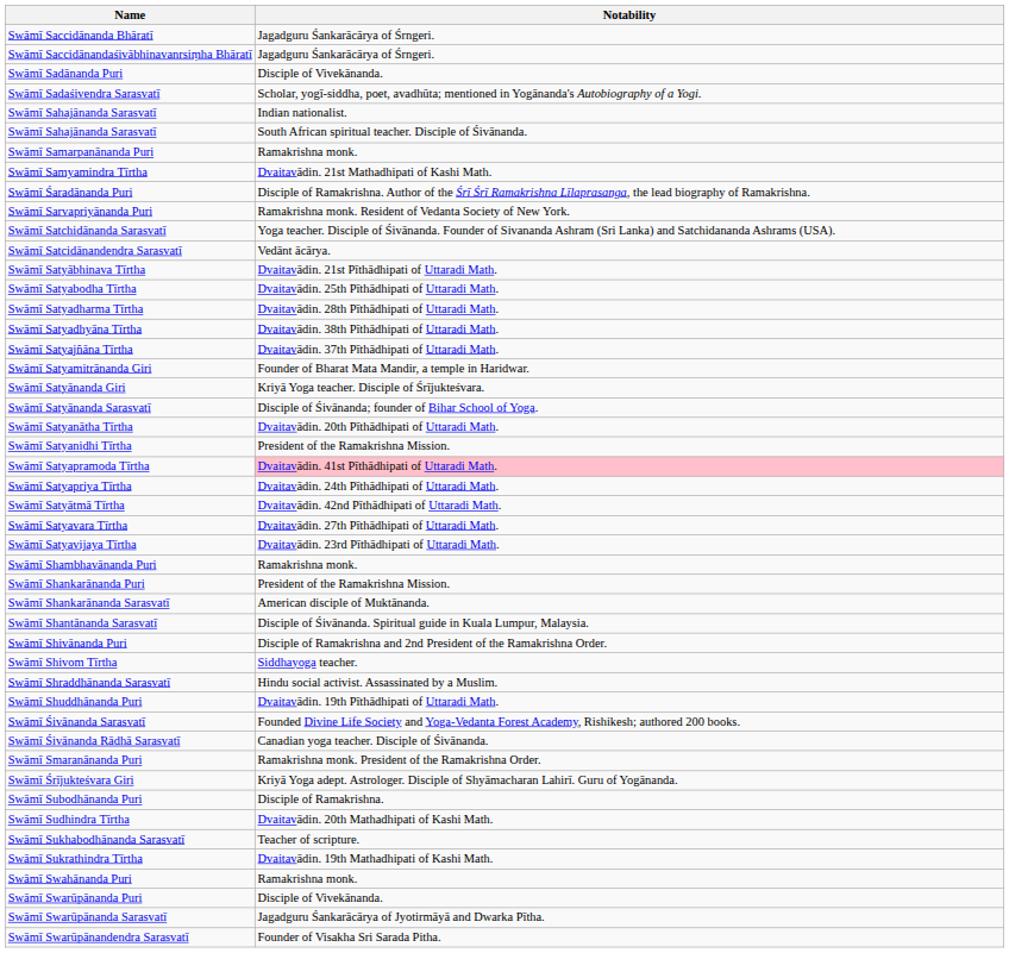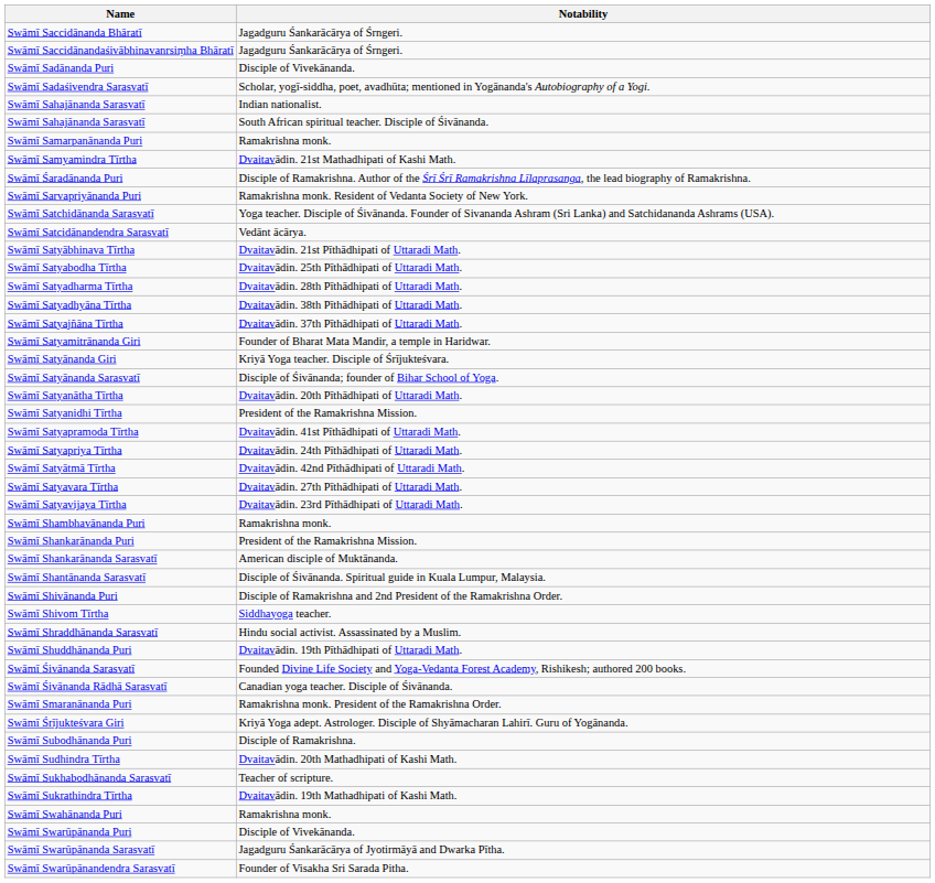 <table class="wikitable">
 <tr>
 <th width=25%>Name</th>
 <th>Notability</th>
 </tr>
 <tr>
 <td><a href='#'>Swāmī Saccidānanda Bhāratī</a></td>
 <td>Jagadguru Śankarācārya of Śrngeri.</td>
 </tr>
 <tr>
 <td><a href='#'>Swāmī Saccidānandaśivābhinavanrsiṃha Bhāratī</a></td>
 <td>Jagadguru Śankarācārya of Śrngeri.</td>
 </tr>
 <tr>
 <td><a href='#'>Swāmī Sadānanda Puri</a></td>
 <td>Disciple of Vivekānanda.</td>
 </tr>
 <tr>
 <td><a href='#'>Swāmī Sadaśivendra Sarasvatī</a></td>
 <td>Scholar, yogī-siddha, poet, avadhūta; mentioned in Yogānanda's <em>Autobiography of a Yogi</em>.</td>
 </tr>
 <tr>
 <td><a href='#'>Swāmī Sahajānanda Sarasvatī</a></td>
 <td>Indian nationalist.</td>
 </tr>
 <tr>
 <td><a href='#'>Swāmī Sahajānanda Sarasvatī</a></td>
 <td>South African spiritual teacher. Disciple of Śivānanda.</td>
 </tr>
 <tr>
 <td><a href='#'>Swāmī Samarpanānanda Puri</a></td>
 <td>Ramakrishna monk.</td>
 </tr>
 <tr>
 <td><a href='#'>Swāmī Samyamindra Tīrtha</a></td>
 <td><a href='#'>Dvaitav</a>ādin. 21st Mathadhipati of Kashi Math.</td>
 </tr>
 <tr>
 <td><a href='#'>Swāmī Śaradānanda Puri</a></td>
 <td>Disciple of Ramakrishna. Author of the <em><a href='#'>Śrī Śrī Ramakrishna Līlaprasanga</a></em>, the lead biography of Ramakrishna.</td>
 </tr>
 <tr>
 <td><a href='#'>Swāmī Sarvapriyānanda Puri</a></td>
 <td>Ramakrishna monk. Resident of Vedanta Society of New York.</td>
 </tr>
 <tr>
 <td><a href='#'>Swāmī Satchidānanda Sarasvatī</a></td>
 <td>Yoga teacher. Disciple of Śivānanda. Founder of Sivananda Ashram (Sri Lanka) and Satchidananda Ashrams (USA).</td>
 </tr>
 <tr>
 <td><a href='#'>Swāmī Satcidānandendra Sarasvatī</a></td>
 <td>Vedānt ācārya.</td>
 </tr>
 <tr>
 <td><a href='#'>Swāmī Satyābhinava Tīrtha</a></td>
 <td><a href='#'>Dvaitav</a>ādin. 21st Pīthādhipati of <a href='#'>Uttaradi Math</a>.</td>
 </tr>
 <tr>
 <td><a href='#'>Swāmī Satyabodha Tīrtha</a></td>
 <td><a href='#'>Dvaitav</a>ādin. 25th Pīthādhipati of <a href='#'>Uttaradi Math</a>.</td>
 </tr>
 <tr>
 <td><a href='#'>Swāmī Satyadharma Tīrtha</a></td>
 <td><a href='#'>Dvaitav</a>ādin. 28th Pīthādhipati of <a href='#'>Uttaradi Math</a>.</td>
 </tr>
 <tr>
 <td><a href='#'>Swāmī Satyadhyāna Tīrtha</a></td>
 <td><a href='#'>Dvaitav</a>ādin. 38th Pīthādhipati of <a href='#'>Uttaradi Math</a>.</td>
 </tr>
 <tr>
 <td><a href='#'>Swāmī Satyajñāna Tīrtha</a></td>
 <td><a href='#'>Dvaitav</a>ādin. 37th Pīthādhipati of <a href='#'>Uttaradi Math</a>.</td>
 </tr>
 <tr>
 <td><a href='#'>Swāmī Satyamitrānanda Giri</a></td>
 <td>Founder of Bharat Mata Mandir, a temple in Haridwar.</td>
 </tr>
 <tr>
 <td><a href='#'>Swāmī Satyānanda Giri</a></td>
 <td>Kriyā Yoga teacher. Disciple of Śrījukteśvara.</td>
 </tr>
 <tr>
 <td><a href='#'>Swāmī Satyānanda Sarasvatī</a></td>
 <td>Disciple of Śivānanda; founder of <a href='#'>Bihar School of Yoga</a>.</td>
 </tr>
 <tr>
 <td><a href='#'>Swāmī Satyanātha Tīrtha</a></td>
 <td><a href='#'>Dvaitav</a>ādin. 20th Pīthādhipati of <a href='#'>Uttaradi Math</a>.</td>
 </tr>
 <tr>
 <td><a href='#'>Swāmī Satyanidhi Tīrtha</a></td>
 <td>President of the Ramakrishna Mission.</td>
 </tr>
 <tr>
 <td><a href='#'>Swāmī Satyapramoda Tīrtha</a></td>
-<td style="background: pink;"><a href='#'>Dvaitav</a>ādin. 41st Pīthādhipati of <a href='#'>Uttaradi Math</a>.</td>
+<td><a href='#'>Dvaitav</a>ādin. 41st Pīthādhipati of <a href='#'>Uttaradi Math</a>.</td>
 </tr>
 <tr>
 <td><a href='#'>Swāmī Satyapriya Tīrtha</a></td>
 <td><a href='#'>Dvaitav</a>ādin. 24th Pīthādhipati of <a href='#'>Uttaradi Math</a>.</td>
 </tr>
 <tr>
 <td><a href='#'>Swāmī Satyātmā Tīrtha</a></td>
 <td><a href='#'>Dvaitav</a>ādin. 42nd Pīthādhipati of <a href='#'>Uttaradi Math</a>.</td>
 </tr>
 <tr>
 <td><a href='#'>Swāmī Satyavara Tīrtha</a></td>
 <td><a href='#'>Dvaitav</a>ādin. 27th Pīthādhipati of <a href='#'>Uttaradi Math</a>.</td>
 </tr>
 <tr>
 <td><a href='#'>Swāmī Satyavijaya Tīrtha</a></td>
 <td><a href='#'>Dvaitav</a>ādin. 23rd Pīthādhipati of <a href='#'>Uttaradi Math</a>.</td>
 </tr>
 <tr>
 <td><a href='#'>Swāmī Shambhavānanda Puri</a></td>
 <td>Ramakrishna monk.</td>
 </tr>
 <tr>
 <td><a href='#'>Swāmī Shankarānanda Puri</a></td>
 <td>President of the Ramakrishna Mission.</td>
 </tr>
 <tr>
 <td><a href='#'>Swāmī Shankarānanda Sarasvatī</a></td>
 <td>American disciple of Muktānanda.</td>
 </tr>
 <tr>
 <td><a href='#'>Swāmī Shantānanda Sarasvatī</a></td>
 <td>Disciple of Śivānanda. Spiritual guide in Kuala Lumpur, Malaysia.</td>
 </tr>
 <tr>
 <td><a href='#'>Swāmī Shivānanda Puri</a></td>
 <td>Disciple of Ramakrishna and 2nd President of the Ramakrishna Order.</td>
 </tr>
 <tr>
 <td><a href='#'>Swāmī Shivom Tīrtha</a></td>
 <td><a href='#'>Siddhayoga</a> teacher.</td>
 </tr>
 <tr>
 <td><a href='#'>Swāmī Shraddhānanda Sarasvatī</a></td>
 <td>Hindu social activist. Assassinated by a Muslim.</td>
 </tr>
 <tr>
 <td><a href='#'>Swāmī Shuddhānanda Puri</a></td>
 <td><a href='#'>Dvaitav</a>ādin. 19th Pīthādhipati of <a href='#'>Uttaradi Math</a>.</td>
 </tr>
 <tr>
 <td><a href='#'>Swāmī Śivānanda Sarasvatī</a></td>
 <td>Founded <a href='#'>Divine Life Society</a> and <a href='#'>Yoga-Vedanta Forest Academy</a>, Rishikesh; authored 200 books.</td>
 </tr>
 <tr>
 <td><a href='#'>Swāmī Śivānanda Rādhā Sarasvatī</a></td>
 <td>Canadian yoga teacher. Disciple of Śivānanda.</td>
 </tr>
 <tr>
 <td><a href='#'>Swāmī Smaranānanda Puri</a></td>
 <td>Ramakrishna monk. President of the Ramakrishna Order.</td>
 </tr>
 <tr>
 <td><a href='#'>Swāmī Śrījukteśvara Giri</a></td>
 <td>Kriyā Yoga adept. Astrologer. Disciple of Shyāmacharan Lahirī. Guru of Yogānanda.</td>
 </tr>
 <tr>
 <td><a href='#'>Swāmī Subodhānanda Puri</a></td>
 <td>Disciple of Ramakrishna.</td>
 </tr>
 <tr>
 <td><a href='#'>Swāmī Sudhindra Tīrtha</a></td>
 <td><a href='#'>Dvaitav</a>ādin. 20th Mathadhipati of Kashi Math.</td>
 </tr>
 <tr>
 <td><a href='#'>Swāmī Sukhabodhānanda Sarasvatī</a></td>
 <td>Teacher of scripture.</td>
 </tr>
 <tr>
 <td><a href='#'>Swāmī Sukrathindra Tīrtha</a></td>
 <td><a href='#'>Dvaitav</a>ādin. 19th Mathadhipati of Kashi Math.</td>
 </tr>
 <tr>
 <td><a href='#'>Swāmī Swahānanda Puri</a></td>
 <td>Ramakrishna monk.</td>
 </tr>
 <tr>
 <td><a href='#'>Swāmī Swarūpānanda Puri</a></td>
 <td>Disciple of Vivekānanda.</td>
 </tr>
 <tr>
 <td><a href='#'>Swāmī Swarūpānanda Sarasvatī</a></td>
 <td>Jagadguru Śankarācārya of Jyotirmāyā and Dwarka Pītha.</td>
 </tr>
 <tr>
 <td><a href='#'>Swāmī Swarūpānandendra Sarasvatī</a></td>
 <td>Founder of Visakha Sri Sarada Pitha.</td>
 </tr>
 </table>
